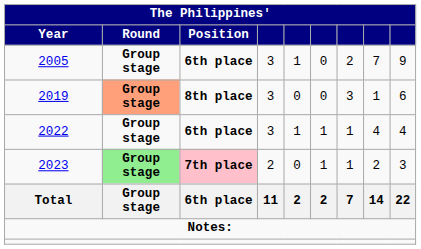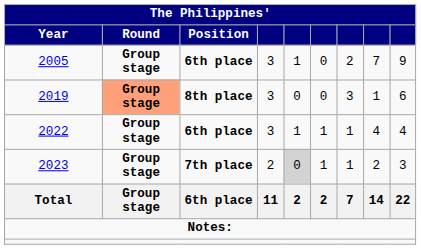 <table class="wikitable" style="text-align: center; font-size:95%;">
 <tr>
 <th colspan="10" style="background:#000080; color: #FFFFFF;">The Philippines' <a href='#'></a></th>
 </tr>
 <tr>
 <th style="background:#000080;color:white;"width=90>Year</th>
 <th style="background:#000080;color:white;"width="70">Round</th>
 <th style="background:#000080;color:white;"width="70">Position</th>
 <th style="background:#000080;color:white;"width="20"></th>
 <th style="background:#000080;color:white;"width="20"></th>
 <th style="background:#000080;color:white;"width="20"></th>
 <th style="background:#000080;color:white;"width="20"></th>
 <th style="background:#000080;color:white;"width="20"></th>
 <th style="background:#000080;color:white;"width="20"></th>
 </tr>
 <tr>
 <td> <a href='#'>2005</a></td>
 <td><strong>Group stage</strong></td>
 <td><strong>6th place</strong></td>
 <td>3</td>
 <td>1</td>
 <td>0</td>
 <td>2</td>
 <td>7</td>
 <td>9</td>
 </tr>
 <tr>
 <td> <a href='#'>2019</a></td>
 <td style="background: lightsalmon;"><strong>Group stage</strong></td>
 <td><strong>8th place</strong></td>
 <td>3</td>
 <td>0</td>
 <td>0</td>
 <td>3</td>
 <td>1</td>
 <td>6</td>
 </tr>
 <tr>
 <td> <a href='#'>2022</a></td>
 <td><strong>Group stage</strong></td>
 <td><strong>6th place</strong></td>
 <td>3</td>
 <td>1</td>
 <td>1</td>
 <td>1</td>
 <td>4</td>
 <td>4</td>
 </tr>
 <tr>
 <td> <a href='#'>2023</a></td>
-<td style="background: lightgreen;"><strong>Group stage</strong></td>
-<td style="background: pink;"><strong>7th place</strong></td>
+<td><strong>Group stage</strong></td>
+<td><strong>7th place</strong></td>
 <td>2</td>
-<td>0</td>
+<td style="background: lightgrey;">0</td>
 <td>1</td>
 <td>1</td>
 <td>2</td>
 <td>3</td>
 </tr>
 <tr>
 <th>Total</th>
 <th>Group stage</th>
 <th>6th place</th>
 <th>11</th>
 <th>2</th>
 <th>2</th>
 <th>7</th>
 <th>14</th>
 <th>22</th>
 </tr>
 <tr>
 <td colspan=9><strong>Notes:</strong></td>
 </tr>
 <tr>
 <td colspan=9></td>
 </tr>
 </table>
